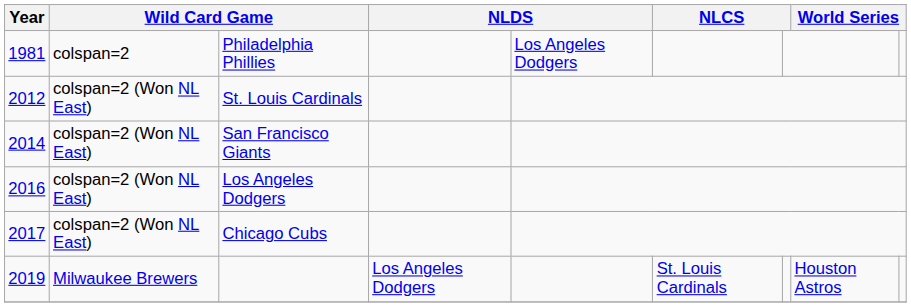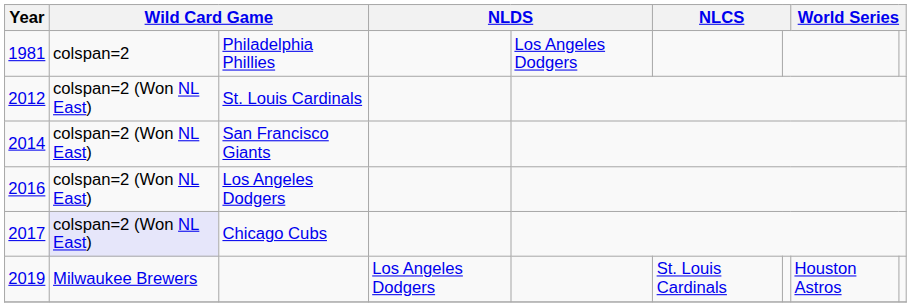 <table class="wikitable">
 <tr>
 <th>Year</th>
 <th colspan=2><a href='#'><span>Wild Card Game</span></a></th>
 <th colspan=2><a href='#'><span>NLDS</span></a></th>
 <th colspan=2><a href='#'><span>NLCS</span></a></th>
 <th colspan=2><a href='#'><span>World Series</span></a></th>
 </tr>
 <tr>
 <td align=center><a href='#'>1981</a></td>
 <td>colspan=2 </td>
 <td><a href='#'>Philadelphia Phillies</a></td>
 <td></td>
 <td><a href='#'>Los Angeles Dodgers</a></td>
 <td></td>
 <td colspan=2></td>
 </tr>
 <tr>
 <td align=center><a href='#'>2012</a></td>
 <td>colspan=2  (Won <a href='#'>NL East</a>)</td>
 <td><a href='#'>St. Louis Cardinals</a></td>
 <td></td>
 <td colspan=6></td>
 </tr>
 <tr>
 <td align=center><a href='#'>2014</a></td>
 <td>colspan=2  (Won <a href='#'>NL East</a>)</td>
 <td><a href='#'>San Francisco Giants</a></td>
 <td></td>
 <td colspan=6></td>
 </tr>
 <tr>
 <td align=center><a href='#'>2016</a></td>
 <td>colspan=2  (Won <a href='#'>NL East</a>)</td>
 <td><a href='#'>Los Angeles Dodgers</a></td>
 <td></td>
 <td colspan=6></td>
 </tr>
 <tr>
 <td align=center><a href='#'>2017</a></td>
-<td>colspan=2  (Won <a href='#'>NL East</a>)</td>
+<td style="background: lavender;">colspan=2  (Won <a href='#'>NL East</a>)</td>
 <td><a href='#'>Chicago Cubs</a></td>
 <td></td>
 <td colspan=6></td>
 </tr>
 <tr>
 <td align=center><a href='#'>2019</a></td>
 <td><a href='#'>Milwaukee Brewers</a></td>
 <td></td>
 <td><a href='#'>Los Angeles Dodgers</a></td>
 <td></td>
 <td><a href='#'>St. Louis Cardinals</a></td>
 <td></td>
 <td><a href='#'>Houston Astros</a></td>
 <td></td>
 </tr>
 <tr>
 </tr>
 </table>
